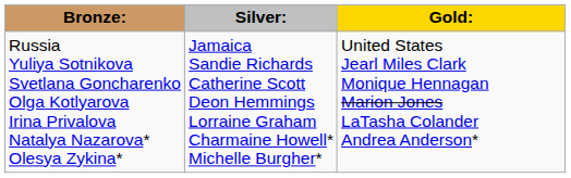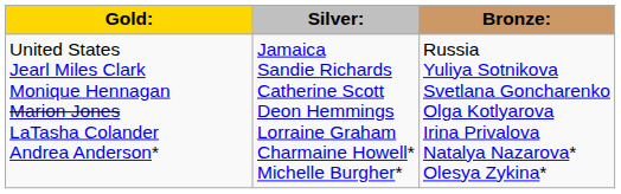 <table class="wikitable">
 <tr>
+<td style="text-align:center;background-color:gold;"><strong>Gold:</strong> </td>
+<td style="text-align:center;background-color:silver;"><strong>Silver:</strong> </td>
 <td style="text-align:center;background-color:#CC9966;"><strong>Bronze:</strong> </td>
-<td style="text-align:center;background-color:silver;"><strong>Silver:</strong> </td>
-<td style="text-align:center;background-color:gold;"><strong>Gold:</strong> </td>
 </tr>
 <tr>
+<td style="width:13em" valign=top> United States<br><a href='#'>Jearl Miles Clark</a><br><a href='#'>Monique Hennagan</a><br><s><a href='#'>Marion Jones</a></s><br> <a href='#'>LaTasha Colander</a><br><a href='#'>Andrea Anderson</a>*</td>
+<td> <a href='#'>Jamaica</a><br><a href='#'>Sandie Richards</a><br><a href='#'>Catherine Scott</a><br><a href='#'>Deon Hemmings</a><br><a href='#'>Lorraine Graham</a><br><a href='#'>Charmaine Howell</a>*<br><a href='#'>Michelle Burgher</a>*</td>
 <td> Russia<br><a href='#'>Yuliya Sotnikova</a><br><a href='#'>Svetlana Goncharenko</a><br><a href='#'>Olga Kotlyarova</a><br><a href='#'>Irina Privalova</a><br><a href='#'>Natalya Nazarova</a>*<br><a href='#'>Olesya Zykina</a>*</td>
-<td> <a href='#'>Jamaica</a><br><a href='#'>Sandie Richards</a><br><a href='#'>Catherine Scott</a><br><a href='#'>Deon Hemmings</a><br><a href='#'>Lorraine Graham</a><br><a href='#'>Charmaine Howell</a>*<br><a href='#'>Michelle Burgher</a>*</td>
-<td style="width:13em" valign=top> United States<br><a href='#'>Jearl Miles Clark</a><br><a href='#'>Monique Hennagan</a><br><s><a href='#'>Marion Jones</a></s><br> <a href='#'>LaTasha Colander</a><br><a href='#'>Andrea Anderson</a>*</td>
 </tr>
 </table>
